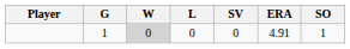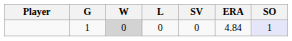 <table class="wikitable sortable">
 <tr>
 <th bgcolor="#DDDDFF" width="16%">Player</th>
 <th bgcolor="#DDDDFF" width="9%">G</th>
 <th bgcolor="#DDDDFF" width="9%">W</th>
 <th bgcolor="#DDDDFF" width="9%">L</th>
 <th bgcolor="#DDDDFF" width="9%">SV</th>
 <th bgcolor="#DDDDFF" width="9%">ERA</th>
 <th bgcolor="#DDDDFF" width="9%">SO</th>
 </tr>
 <tr align="center">
 <td></td>
 <td>1</td>
 <td style="background: lightgrey;">0</td>
 <td>0</td>
 <td>0</td>
-<td>4.91</td>
-<td>1</td>
+<td>4.84</td>
+<td style="background: lavender;">1</td>
 </tr>
 </table>
